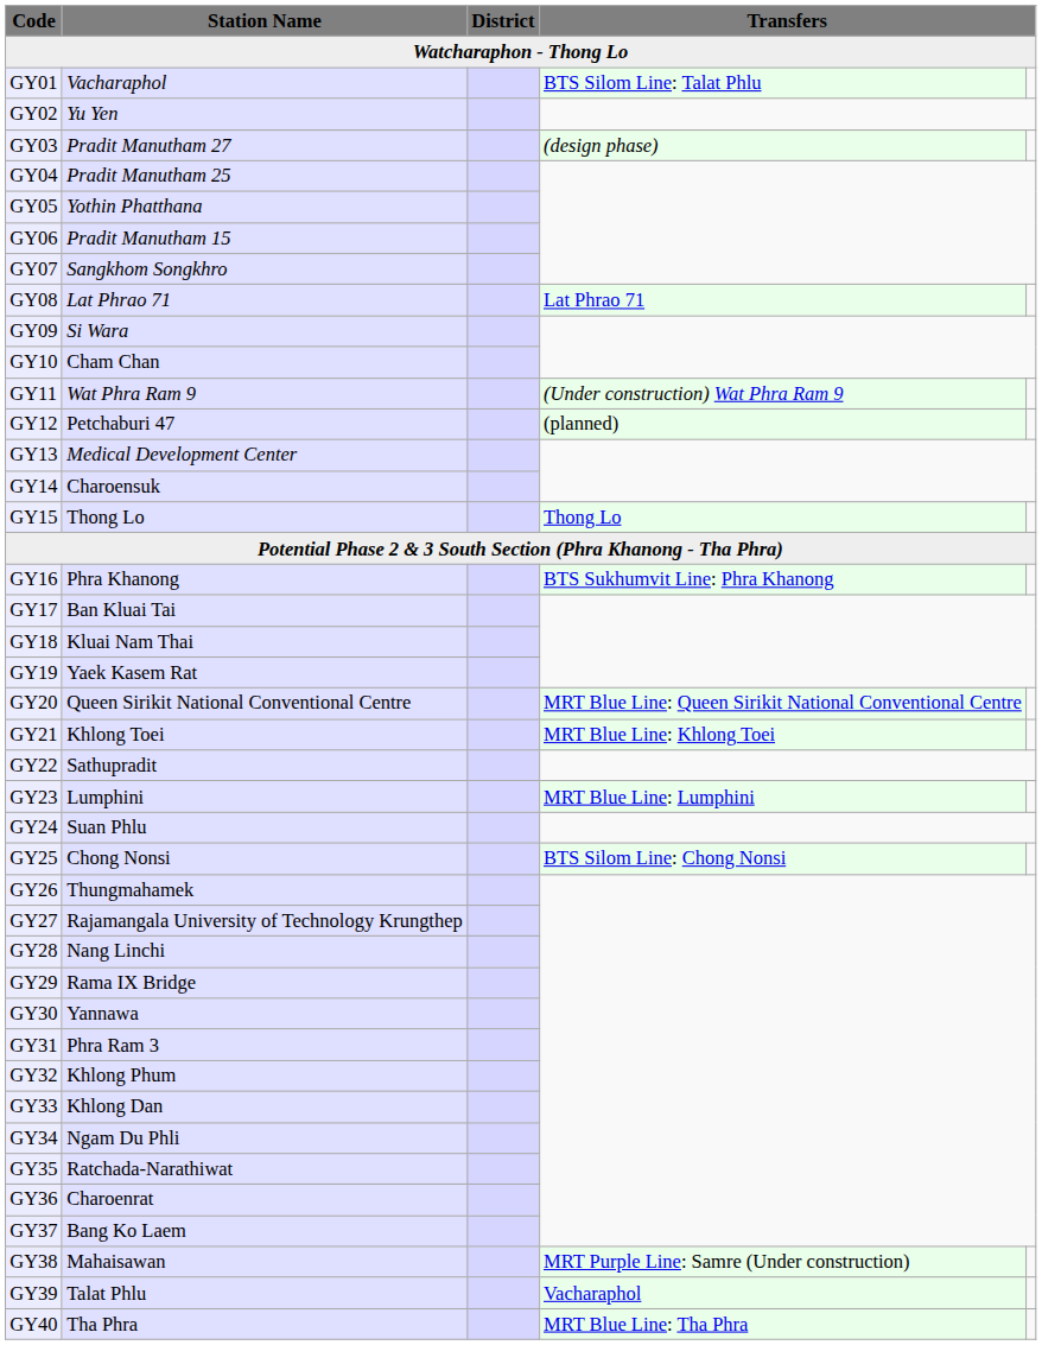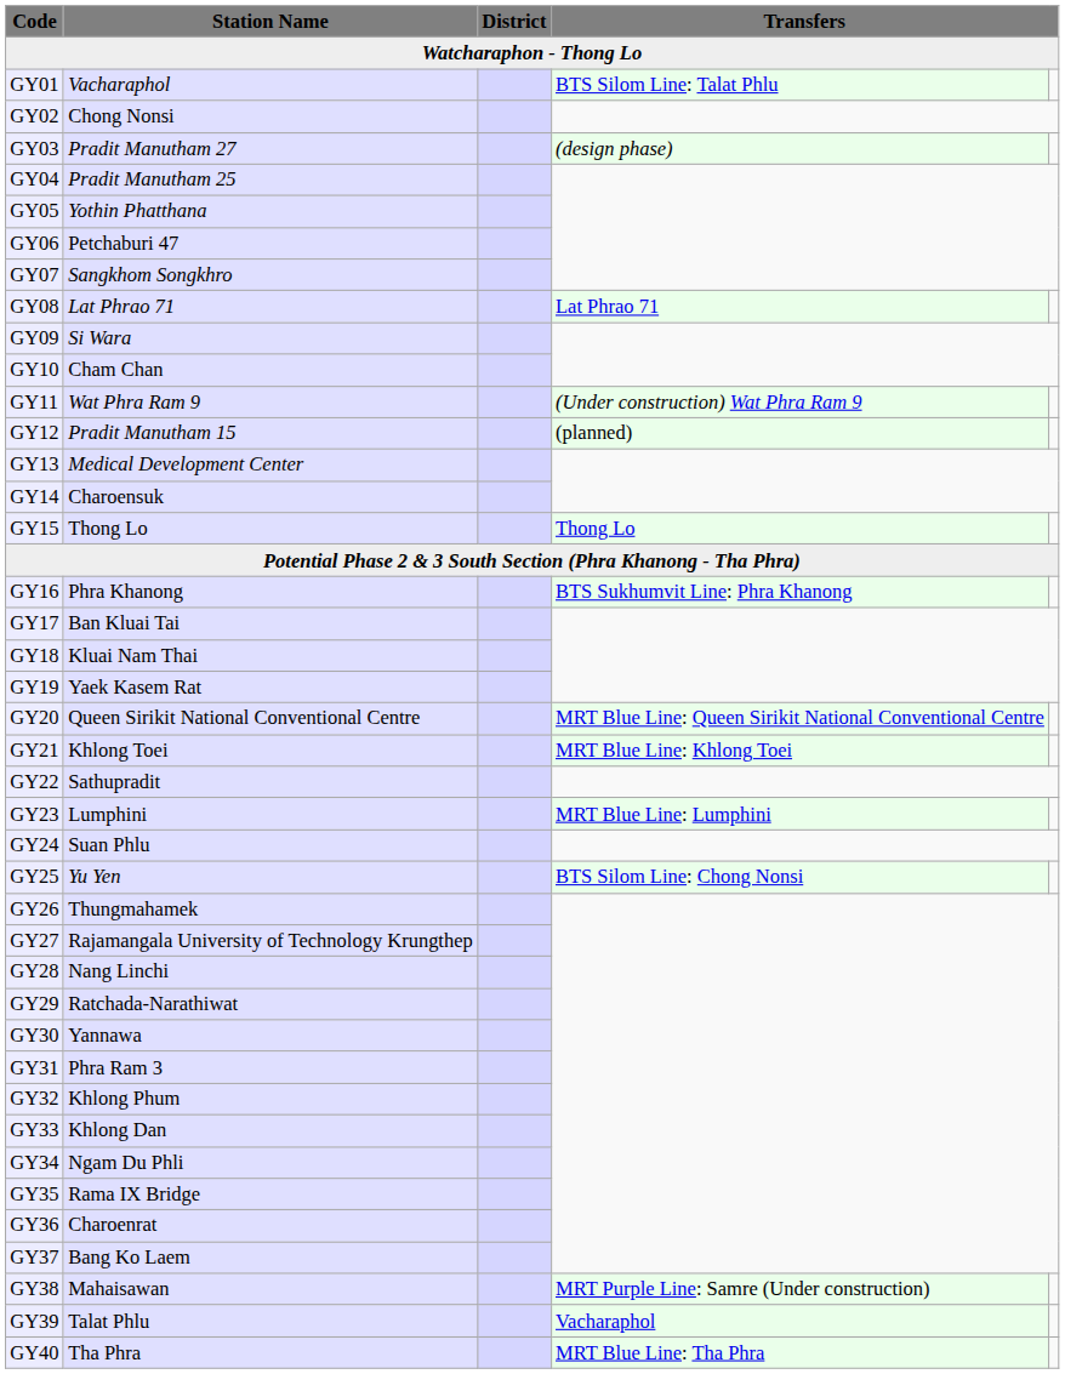 <table class="wikitable">
 <tr>
 <th style="background-color:#808080"><span>Code</span></th>
 <th style="background-color:#808080"><span>Station Name</span></th>
 <th style="background-color:#808080"><span>District</span></th>
 <th style="background-color:#808080" colspan="2"><span>Transfers</span></th>
 </tr>
 <tr align=center>
 <td colspan = 5 bgcolor=#eeeeee><strong><em>Watcharaphon - Thong Lo</em></strong></td>
 </tr>
 <tr>
 <td bgcolor="#ECECFF">GY01</td>
 <td bgcolor="#DFDFFF"><em>Vacharaphol</em></td>
 <td bgcolor="#D5D5FF"></td>
 <td bgcolor="#EAFFEA"><a href='#'>BTS Silom Line</a>: <a href='#'>Talat Phlu</a></td>
 <td></td>
 </tr>
 <tr>
 <td bgcolor="#ECECFF">GY02</td>
-<td bgcolor="#DFDFFF"><em>Yu Yen</em></td>
+<td bgcolor="#DFDFFF"></em>Chong Nonsi<em></td>
 <td bgcolor="#D5D5FF"></td>
 </tr>
 <tr>
 <td bgcolor="#ECECFF">GY03</td>
 <td bgcolor="#DFDFFF"><em>Pradit Manutham 27</em></td>
 <td bgcolor="#D5D5FF"></td>
 <td bgcolor="#EAFFEA"><em>  (design phase)</em></td>
 <td></td>
 </tr>
 <tr>
 <td bgcolor="#ECECFF">GY04</td>
 <td bgcolor="#DFDFFF"><em>Pradit Manutham 25</em></td>
 <td bgcolor="#D5D5FF"></td>
 </tr>
 <tr>
 <td bgcolor="#ECECFF">GY05</td>
 <td bgcolor="#DFDFFF"><em>Yothin Phatthana</em></td>
 <td bgcolor="#D5D5FF"></td>
 </tr>
 <tr>
 <td bgcolor="#ECECFF">GY06</td>
-<td bgcolor="#DFDFFF"><em>Pradit Manutham 15</em></td>
+<td bgcolor="#DFDFFF"></em>Petchaburi 47<em></td>
 <td bgcolor="#D5D5FF"></td>
 </tr>
 <tr>
 <td bgcolor="#ECECFF">GY07</td>
 <td bgcolor="#DFDFFF"><em>Sangkhom Songkhro</em></td>
 <td bgcolor="#D5D5FF"></td>
 </tr>
 <tr>
 <td bgcolor="#ECECFF">GY08</td>
 <td bgcolor="#DFDFFF"><em>Lat Phrao 71</em></td>
 <td bgcolor="#D5D5FF"></td>
 <td bgcolor="#EAFFEA"> <a href='#'>Lat Phrao 71</a></td>
 <td></td>
 </tr>
 <tr>
 <td bgcolor="#ECECFF">GY09</td>
 <td bgcolor="#DFDFFF"><em>Si Wara</em></td>
 <td bgcolor="#D5D5FF"></td>
 </tr>
 <tr>
 <td bgcolor="#ECECFF">GY10</td>
 <td bgcolor="#DFDFFF"></em>Cham Chan<em></td>
 <td bgcolor="#D5D5FF"></td>
 </tr>
 <tr>
 <td bgcolor="#ECECFF">GY11</td>
 <td bgcolor="#DFDFFF"><em>Wat Phra Ram 9</em></td>
 <td bgcolor="#D5D5FF"></td>
 <td bgcolor="#EAFFEA"><em>  (Under construction) <a href='#'>Wat Phra Ram 9</a></td>
 <td></td>
 </tr>
 <tr>
 <td bgcolor="#ECECFF">GY12</td>
-<td bgcolor="#DFDFFF"></em>Petchaburi 47<em></td>
+<td bgcolor="#DFDFFF"><em>Pradit Manutham 15</em></td>
 <td bgcolor="#D5D5FF"></td>
 <td bgcolor="#EAFFEA"></em>  (planned)<em></td>
 <td></td>
 </tr>
 <tr>
 <td bgcolor="#ECECFF">GY13</td>
 <td bgcolor="#DFDFFF"><em>Medical Development Center</em></td>
 <td bgcolor="#D5D5FF"></td>
 </tr>
 <tr>
 <td bgcolor="#ECECFF">GY14</td>
 <td bgcolor="#DFDFFF"></em>Charoensuk<em></td>
 <td bgcolor="#D5D5FF"></td>
 </tr>
 <tr>
 <td bgcolor="#ECECFF">GY15</td>
 <td bgcolor="#DFDFFF"></em>Thong Lo<em></td>
 <td bgcolor="#D5D5FF"></td>
 <td bgcolor="#EAFFEA"> <a href='#'>Thong Lo</a></td>
 <td></td>
 </tr>
 <tr align=center>
 <td colspan = 5 bgcolor=#eeeeee><strong><em>Potential Phase 2 & 3 South Section (Phra Khanong - Tha Phra)</em></strong></td>
 </tr>
 <tr>
 <td bgcolor="#ECECFF">GY16</td>
 <td bgcolor="#DFDFFF"></em>Phra Khanong<em></td>
 <td bgcolor="#D5D5FF"></td>
 <td bgcolor="#EAFFEA"><a href='#'>BTS Sukhumvit Line</a>: <a href='#'>Phra Khanong</a></td>
 <td></td>
 </tr>
 <tr>
 <td bgcolor="#ECECFF">GY17</td>
 <td bgcolor="#DFDFFF"></em>Ban Kluai Tai<em></td>
 <td bgcolor="#D5D5FF"></td>
 </tr>
 <tr>
 <td bgcolor="#ECECFF">GY18</td>
 <td bgcolor="#DFDFFF"></em>Kluai Nam Thai<em></td>
 <td bgcolor="#D5D5FF"></td>
 </tr>
 <tr>
 <td bgcolor="#ECECFF">GY19</td>
 <td bgcolor="#DFDFFF"></em>Yaek Kasem Rat<em></td>
 <td bgcolor="#D5D5FF"></td>
 </tr>
 <tr>
 <td bgcolor="#ECECFF">GY20</td>
 <td bgcolor="#DFDFFF"></em>Queen Sirikit National Conventional Centre<em></td>
 <td bgcolor="#D5D5FF"></td>
 <td bgcolor="#EAFFEA"><a href='#'>MRT Blue Line</a>: <a href='#'>Queen Sirikit National Conventional Centre</a></td>
 <td></td>
 </tr>
 <tr>
 <td bgcolor="#ECECFF">GY21</td>
 <td bgcolor="#DFDFFF"></em>Khlong Toei<em></td>
 <td bgcolor="#D5D5FF"></td>
 <td bgcolor="#EAFFEA"><a href='#'>MRT Blue Line</a>: <a href='#'>Khlong Toei</a></td>
 <td></td>
 </tr>
 <tr>
 <td bgcolor="#ECECFF">GY22</td>
 <td bgcolor="#DFDFFF"></em>Sathupradit<em></td>
 <td bgcolor="#D5D5FF"></td>
 </tr>
 <tr>
 <td bgcolor="#ECECFF">GY23</td>
 <td bgcolor="#DFDFFF"></em>Lumphini<em></td>
 <td bgcolor="#D5D5FF"></td>
 <td bgcolor="#EAFFEA"><a href='#'>MRT Blue Line</a>: <a href='#'>Lumphini</a></td>
 <td></td>
 </tr>
 <tr>
 <td bgcolor="#ECECFF">GY24</td>
 <td bgcolor="#DFDFFF"></em>Suan Phlu<em></td>
 <td bgcolor="#D5D5FF"></td>
 </tr>
 <tr>
 <td bgcolor="#ECECFF">GY25</td>
-<td bgcolor="#DFDFFF"></em>Chong Nonsi<em></td>
+<td bgcolor="#DFDFFF"><em>Yu Yen</em></td>
 <td bgcolor="#D5D5FF"></td>
 <td bgcolor="#EAFFEA"><a href='#'>BTS Silom Line</a>: <a href='#'>Chong Nonsi</a></td>
 <td></td>
 </tr>
 <tr>
 <td bgcolor="#ECECFF">GY26</td>
 <td bgcolor="#DFDFFF"></em>Thungmahamek<em></td>
 <td bgcolor="#D5D5FF"></td>
 </tr>
 <tr>
 <td bgcolor="#ECECFF">GY27</td>
 <td bgcolor="#DFDFFF"></em>Rajamangala University of Technology Krungthep<em></td>
 <td bgcolor="#D5D5FF"></td>
 </tr>
 <tr>
 <td bgcolor="#ECECFF">GY28</td>
 <td bgcolor="#DFDFFF"></em>Nang Linchi<em></td>
 <td bgcolor="#D5D5FF"></td>
 </tr>
 <tr>
 <td bgcolor="#ECECFF">GY29</td>
-<td bgcolor="#DFDFFF"></em>Rama IX Bridge<em></td>
+<td bgcolor="#DFDFFF"></em>Ratchada-Narathiwat<em></td>
 <td bgcolor="#D5D5FF"></td>
 </tr>
 <tr>
 <td bgcolor="#ECECFF">GY30</td>
 <td bgcolor="#DFDFFF"></em>Yannawa<em></td>
 <td bgcolor="#D5D5FF"></td>
 </tr>
 <tr>
 <td bgcolor="#ECECFF">GY31</td>
 <td bgcolor="#DFDFFF"></em>Phra Ram 3<em></td>
 <td bgcolor="#D5D5FF"></td>
 </tr>
 <tr>
 <td bgcolor="#ECECFF">GY32</td>
 <td bgcolor="#DFDFFF"></em>Khlong Phum<em></td>
 <td bgcolor="#D5D5FF"></td>
 </tr>
 <tr>
 <td bgcolor="#ECECFF">GY33</td>
 <td bgcolor="#DFDFFF"></em>Khlong Dan<em></td>
 <td bgcolor="#D5D5FF"></td>
 </tr>
 <tr>
 <td bgcolor="#ECECFF">GY34</td>
 <td bgcolor="#DFDFFF"></em>Ngam Du Phli<em></td>
 <td bgcolor="#D5D5FF"></td>
 </tr>
 <tr>
 <td bgcolor="#ECECFF">GY35</td>
-<td bgcolor="#DFDFFF"></em>Ratchada-Narathiwat<em></td>
+<td bgcolor="#DFDFFF"></em>Rama IX Bridge<em></td>
 <td bgcolor="#D5D5FF"></td>
 </tr>
 <tr>
 <td bgcolor="#ECECFF">GY36</td>
 <td bgcolor="#DFDFFF"></em>Charoenrat<em></td>
 <td bgcolor="#D5D5FF"></td>
 </tr>
 <tr>
 <td bgcolor="#ECECFF">GY37</td>
 <td bgcolor="#DFDFFF"></em>Bang Ko Laem<em></td>
 <td bgcolor="#D5D5FF"></td>
 </tr>
 <tr>
 <td bgcolor="#ECECFF">GY38</td>
 <td bgcolor="#DFDFFF"></em>Mahaisawan<em></td>
 <td bgcolor="#D5D5FF"></td>
 <td bgcolor="#EAFFEA"></em><a href='#'>MRT Purple Line</a>: Samre (Under construction)<em></td>
 <td></td>
 </tr>
 <tr>
 <td bgcolor="#ECECFF">GY39</td>
 <td bgcolor="#DFDFFF"></em>Talat Phlu<em></td>
 <td bgcolor="#D5D5FF"></td>
 <td bgcolor="#EAFFEA"> <a href='#'>Vacharaphol</a></td>
 <td></td>
 </tr>
 <tr>
 <td bgcolor="#ECECFF">GY40</td>
 <td bgcolor="#DFDFFF"></em>Tha Phra<em></td>
 <td bgcolor="#D5D5FF"></td>
 <td bgcolor="#EAFFEA"><a href='#'>MRT Blue Line</a>: <a href='#'>Tha Phra</a></td>
 <td></td>
 </tr>
 </table>
